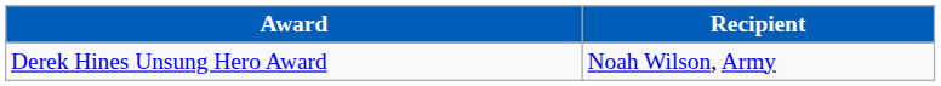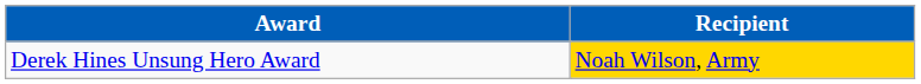 <table class="wikitable" width=40%>
 <tr>
 <th style="color:white; background:#005EB8" colspan=2>Award</th>
 <th style="color:white; background:#005EB8">Recipient</th>
 </tr>
 <tr>
 <td colspan=2><a href='#'>Derek Hines Unsung Hero Award</a></td>
-<td><a href='#'>Noah Wilson</a>, <a href='#'>Army</a></td>
+<td style="background: gold;"><a href='#'>Noah Wilson</a>, <a href='#'>Army</a></td>
 </tr>
 </table>
